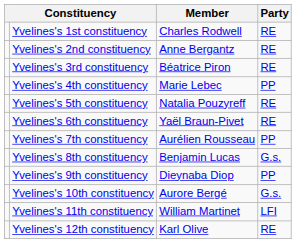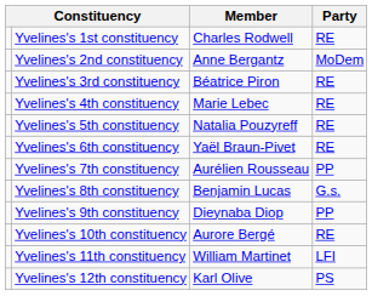 <table class="wikitable">
 <tr>
 <th colspan="2">Constituency</th>
 <th>Member</th>
 <th>Party</th>
 </tr>
 <tr>
 <td style="background-color: "></td>
 <td><a href='#'>Yvelines's 1st constituency</a></td>
 <td><a href='#'>Charles Rodwell</a></td>
 <td><a href='#'>RE</a></td>
 </tr>
 <tr>
 <td style="background-color: "></td>
 <td><a href='#'>Yvelines's 2nd constituency</a></td>
 <td><a href='#'>Anne Bergantz</a></td>
-<td><a href='#'>RE</a></td>
+<td><a href='#'>MoDem</a></td>
 </tr>
 <tr>
 <td style="background-color: "></td>
 <td><a href='#'>Yvelines's 3rd constituency</a></td>
 <td><a href='#'>Béatrice Piron</a></td>
 <td><a href='#'>RE</a></td>
 </tr>
 <tr>
 <td style="background-color: "></td>
 <td><a href='#'>Yvelines's 4th constituency</a></td>
 <td><a href='#'>Marie Lebec</a></td>
-<td><a href='#'>PP</a></td>
+<td><a href='#'>RE</a></td>
 </tr>
 <tr>
 <td style="background-color: "></td>
 <td><a href='#'>Yvelines's 5th constituency</a></td>
 <td><a href='#'>Natalia Pouzyreff</a></td>
 <td><a href='#'>RE</a></td>
 </tr>
 <tr>
 <td style="background-color: "></td>
 <td><a href='#'>Yvelines's 6th constituency</a></td>
 <td><a href='#'>Yaël Braun-Pivet</a></td>
 <td><a href='#'>RE</a></td>
 </tr>
 <tr>
 <td style="background-color: "></td>
 <td><a href='#'>Yvelines's 7th constituency</a></td>
 <td><a href='#'>Aurélien Rousseau</a></td>
 <td><a href='#'>PP</a></td>
 </tr>
 <tr>
 <td style="background-color: "></td>
 <td><a href='#'>Yvelines's 8th constituency</a></td>
 <td><a href='#'>Benjamin Lucas</a></td>
 <td><a href='#'>G.s.</a></td>
 </tr>
 <tr>
 <td style="background-color: "></td>
 <td><a href='#'>Yvelines's 9th constituency</a></td>
 <td><a href='#'>Dieynaba Diop</a></td>
 <td><a href='#'>PP</a></td>
 </tr>
 <tr>
 <td style="background-color: "></td>
 <td><a href='#'>Yvelines's 10th constituency</a></td>
 <td><a href='#'>Aurore Bergé</a></td>
-<td><a href='#'>G.s.</a></td>
+<td><a href='#'>RE</a></td>
 </tr>
 <tr>
 <td style="background-color: "></td>
 <td><a href='#'>Yvelines's 11th constituency</a></td>
 <td><a href='#'>William Martinet</a></td>
 <td><a href='#'>LFI</a></td>
 </tr>
 <tr>
 <td style="background-color: "></td>
 <td><a href='#'>Yvelines's 12th constituency</a></td>
 <td><a href='#'>Karl Olive</a></td>
-<td><a href='#'>RE</a></td>
+<td><a href='#'>PS</a></td>
 </tr>
 </table>
